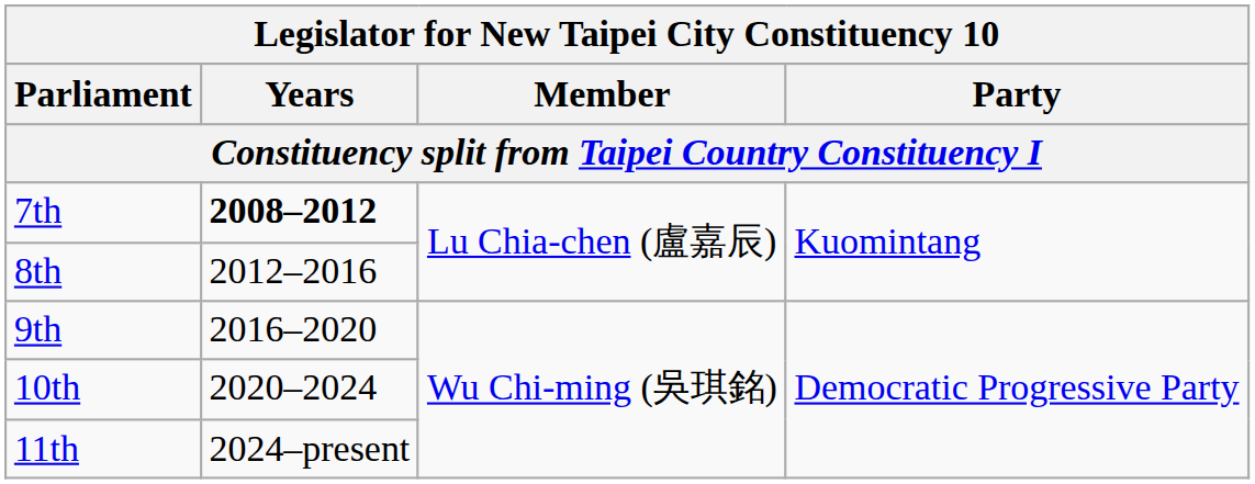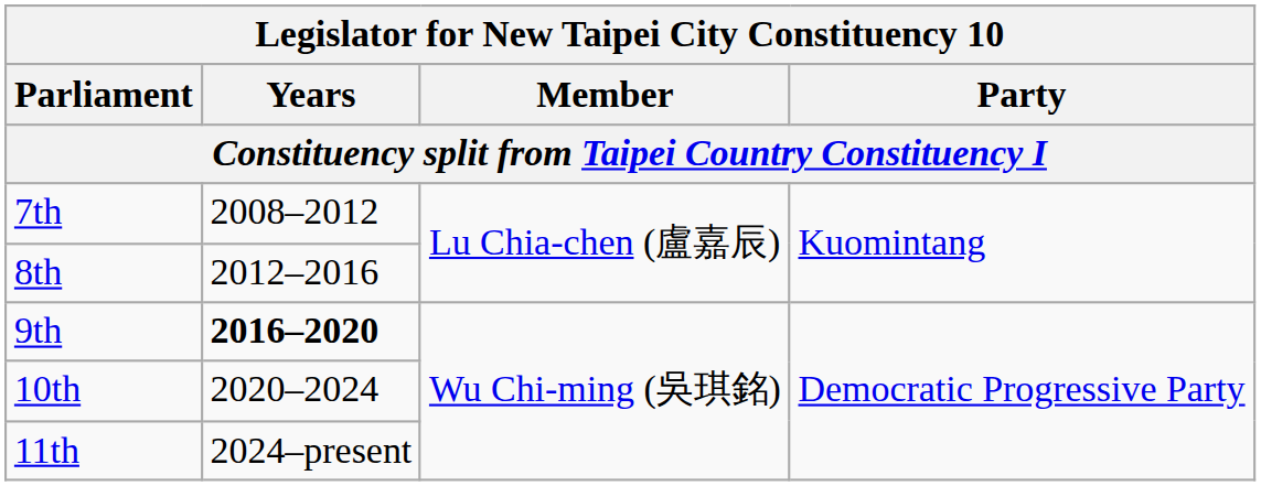 <table class=wikitable>
 <tr>
 <th colspan="4">Legislator for New Taipei City Constituency 10</th>
 </tr>
 <tr>
 <th>Parliament</th>
 <th>Years</th>
 <th>Member</th>
 <th>Party</th>
 </tr>
 <tr>
 <th colspan=4 align=center><em>Constituency split from <a href='#'>Taipei Country Constituency I</a> </em></th>
 </tr>
 <tr>
 <td><a href='#'>7th</a></td>
-<td><strong>2008–2012</strong></td>
+<td>2008–2012</td>
 <td rowspan=2><a href='#'>Lu Chia-chen</a> (盧嘉辰)</td>
 <td rowspan=2><a href='#'>Kuomintang</a></td>
 </tr>
 <tr>
 <td><a href='#'>8th</a></td>
 <td>2012–2016</td>
 </tr>
 <tr>
 <td><a href='#'>9th</a></td>
-<td>2016–2020</td>
+<td><strong>2016–2020</strong></td>
 <td rowspan=3><a href='#'>Wu Chi-ming</a> (吳琪銘)</td>
 <td rowspan=3><a href='#'>Democratic Progressive Party</a></td>
 </tr>
 <tr>
 <td><a href='#'>10th</a></td>
 <td>2020–2024</td>
 </tr>
 <tr>
 <td><a href='#'>11th</a></td>
 <td>2024–present</td>
 </tr>
 </table>
